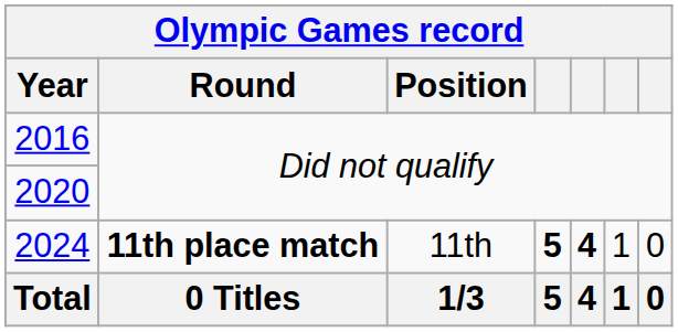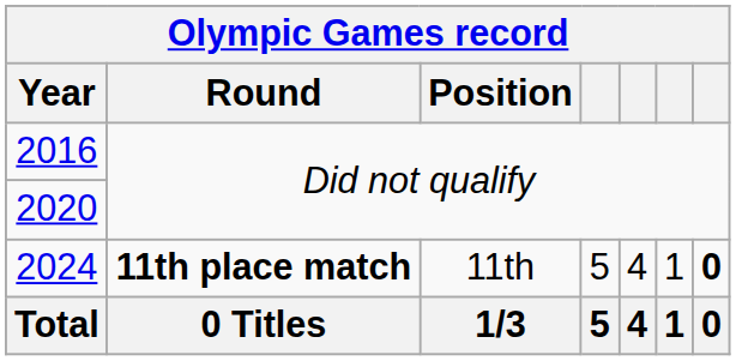 <table class="wikitable" style="text-align: center;">
 <tr>
 <th colspan=7><a href='#'>Olympic Games record</a></th>
 </tr>
 <tr>
 <th>Year</th>
 <th>Round</th>
 <th>Position</th>
 <th></th>
 <th></th>
 <th></th>
 <th></th>
 </tr>
 <tr>
 <td> <a href='#'>2016</a></td>
 <td colspan="6" rowspan="2"><em>Did not qualify</em></td>
 </tr>
 <tr>
 <td> <a href='#'>2020</a></td>
 </tr>
 <tr>
 <td> <a href='#'>2024</a></td>
 <td><strong>11th place match</strong></td>
 <td>11th</td>
-<td><strong>5</strong></td>
-<td><strong>4</strong></td>
+<td>5</td>
+<td>4</td>
 <td>1</td>
-<td>0</td>
+<td><strong>0</strong></td>
 </tr>
 <tr>
 <th>Total</th>
 <th>0 Titles</th>
 <th>1/3</th>
 <th>5</th>
 <th>4</th>
 <th>1</th>
 <th>0</th>
 </tr>
 </table>
